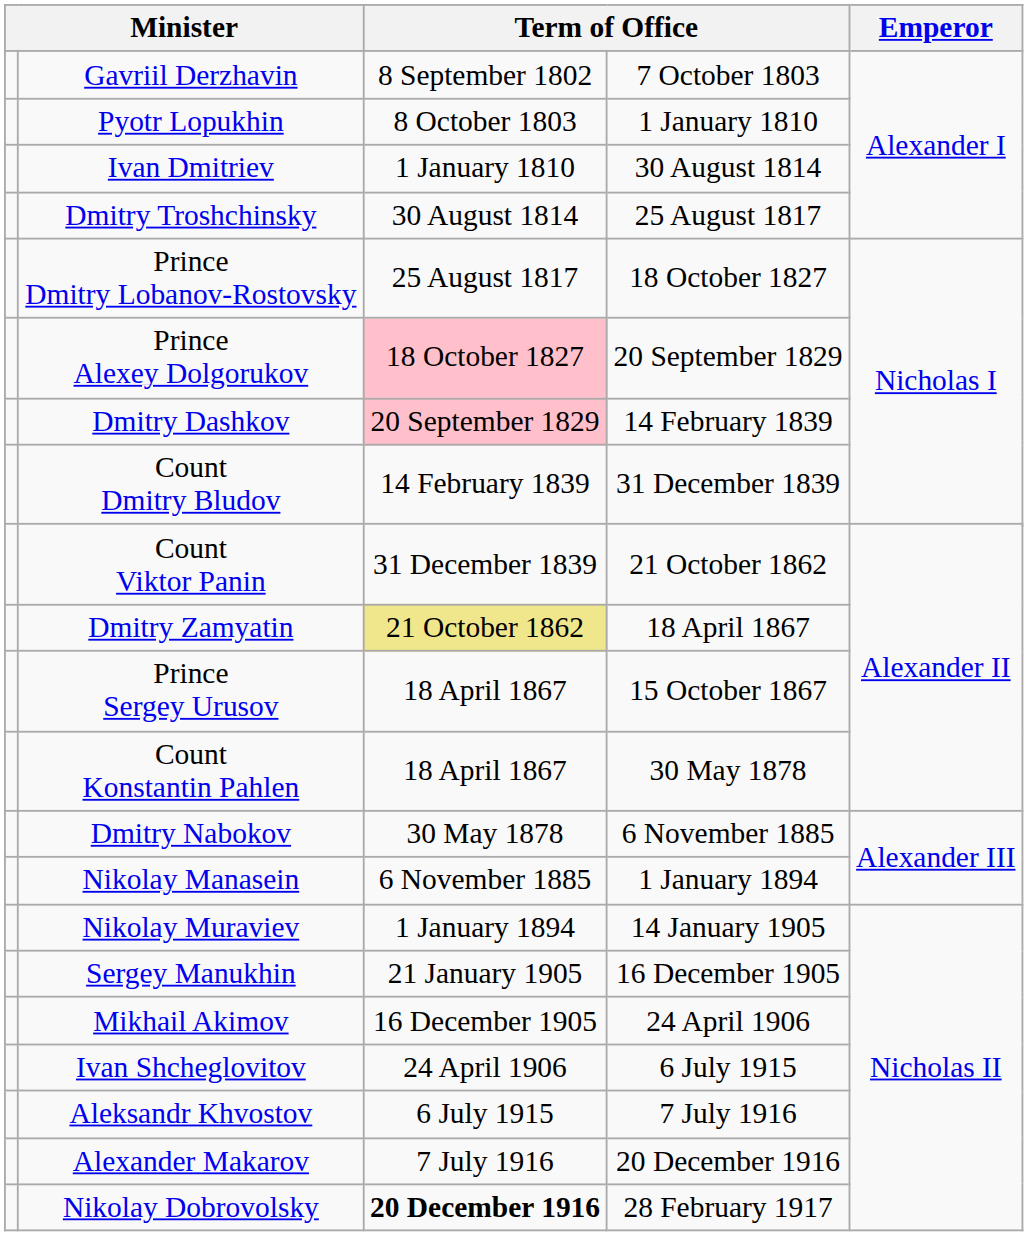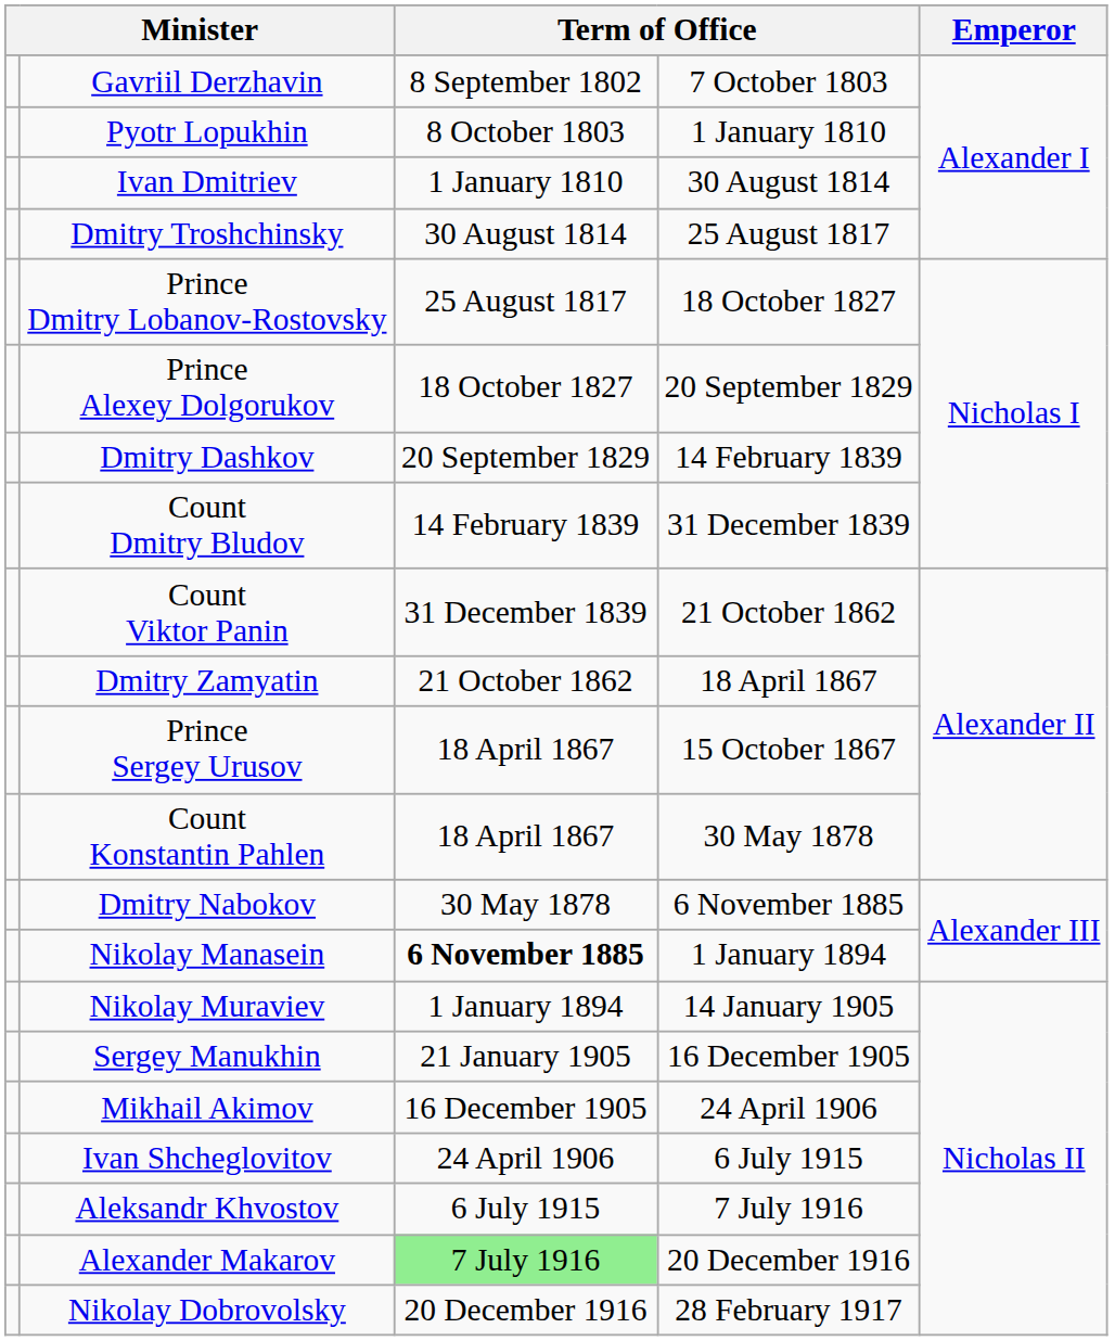 <table class="wikitable" style="text-align:center;">
 <tr>
 <th colspan=2>Minister</th>
 <th colspan=2>Term of Office</th>
 <th><a href='#'>Emperor</a></th>
 </tr>
 <tr>
 <td></td>
 <td><a href='#'>Gavriil Derzhavin</a></td>
 <td>8 September 1802</td>
 <td>7 October 1803</td>
 <td rowspan=5><a href='#'>Alexander I</a></td>
 </tr>
 <tr>
 <td></td>
 <td><a href='#'>Pyotr Lopukhin</a></td>
 <td>8 October 1803</td>
 <td>1 January 1810</td>
 </tr>
 <tr>
 <td></td>
 <td><a href='#'>Ivan Dmitriev</a></td>
 <td>1 January 1810</td>
 <td>30 August 1814</td>
 </tr>
 <tr>
 <td></td>
 <td><a href='#'>Dmitry Troshchinsky</a></td>
 <td>30 August 1814</td>
 <td>25 August 1817</td>
 </tr>
 <tr>
 <td rowspan=2></td>
 <td rowspan=2>Prince<br><a href='#'>Dmitry Lobanov-Rostovsky</a></td>
 <td rowspan=2>25 August 1817</td>
 <td rowspan=2>18 October 1827</td>
 </tr>
 <tr>
 <td rowspan=5><a href='#'>Nicholas I</a></td>
 </tr>
 <tr>
 <td></td>
 <td>Prince<br><a href='#'>Alexey Dolgorukov</a></td>
-<td style="background: pink;">18 October 1827</td>
+<td>18 October 1827</td>
 <td>20 September 1829</td>
 </tr>
 <tr>
 <td></td>
 <td><a href='#'>Dmitry Dashkov</a></td>
-<td style="background: pink;">20 September 1829</td>
+<td>20 September 1829</td>
 <td>14 February 1839</td>
 </tr>
 <tr>
 <td></td>
 <td>Count<br><a href='#'>Dmitry Bludov</a></td>
 <td>14 February 1839</td>
 <td>31 December 1839</td>
 </tr>
 <tr>
 <td rowspan=2></td>
 <td rowspan=2>Count<br><a href='#'>Viktor Panin</a></td>
 <td rowspan=2>31 December 1839</td>
 <td rowspan=2>21 October 1862</td>
 </tr>
 <tr>
 <td rowspan=5><a href='#'>Alexander II</a></td>
 </tr>
 <tr>
 <td></td>
 <td><a href='#'>Dmitry Zamyatin</a></td>
-<td style="background: khaki;">21 October 1862</td>
+<td>21 October 1862</td>
 <td>18 April 1867</td>
 </tr>
 <tr>
 <td></td>
 <td>Prince<br><a href='#'>Sergey Urusov</a></td>
 <td>18 April 1867</td>
 <td>15 October 1867</td>
 </tr>
 <tr>
 <td></td>
 <td>Count<br><a href='#'>Konstantin Pahlen</a></td>
 <td>18 April 1867</td>
 <td>30 May 1878</td>
 </tr>
 <tr>
 <td rowspan=2></td>
 <td rowspan=2><a href='#'>Dmitry Nabokov</a></td>
 <td rowspan=2>30 May 1878</td>
 <td rowspan=2>6 November 1885</td>
 </tr>
 <tr>
 <td rowspan=3><a href='#'>Alexander III</a></td>
 </tr>
 <tr>
 <td></td>
 <td><a href='#'>Nikolay Manasein</a></td>
-<td>6 November 1885</td>
+<td><strong>6 November 1885</strong></td>
 <td>1 January 1894</td>
 </tr>
 <tr>
 <td rowspan=2></td>
 <td rowspan=2><a href='#'>Nikolay Muraviev</a></td>
 <td rowspan=2>1 January 1894</td>
 <td rowspan=2>14 January 1905</td>
 </tr>
 <tr>
 <td rowspan=7><a href='#'>Nicholas II</a></td>
 </tr>
 <tr>
 <td></td>
 <td><a href='#'>Sergey Manukhin</a></td>
 <td>21 January 1905</td>
 <td>16 December 1905</td>
 </tr>
 <tr>
 <td></td>
 <td><a href='#'>Mikhail Akimov</a></td>
 <td>16 December 1905</td>
 <td>24 April 1906</td>
 </tr>
 <tr>
 <td></td>
 <td><a href='#'>Ivan Shcheglovitov</a></td>
 <td>24 April 1906</td>
 <td>6 July 1915</td>
 </tr>
 <tr>
 <td></td>
 <td><a href='#'>Aleksandr Khvostov</a></td>
 <td>6 July 1915</td>
 <td>7 July 1916</td>
 </tr>
 <tr>
 <td></td>
 <td><a href='#'>Alexander Makarov</a></td>
-<td>7 July 1916</td>
+<td style="background: lightgreen;">7 July 1916</td>
 <td>20 December 1916</td>
 </tr>
 <tr>
 <td></td>
 <td><a href='#'>Nikolay Dobrovolsky</a></td>
-<td><strong>20 December 1916</strong></td>
+<td>20 December 1916</td>
 <td>28 February 1917</td>
 </tr>
 </table>
